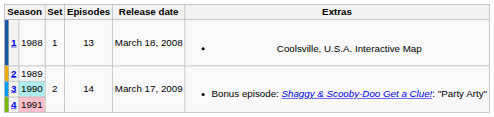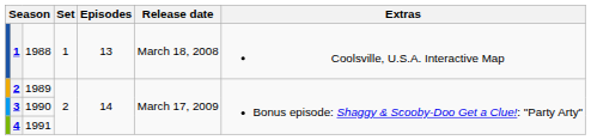 <table class="wikitable" style="text-align: center">
 <tr>
 <th colspan=3>Season</th>
 <th>Set</th>
 <th>Episodes</th>
 <th>Release date</th>
 <th>Extras</th>
 </tr>
 <tr>
 <th style="background:#1B54A5"></th>
 <th><a href='#'>1</a></th>
 <td>1988</td>
 <td>1</td>
 <td>13</td>
 <td>March 18, 2008</td>
 <td><br><ul><li>Coolsville, U.S.A. Interactive Map</li></ul></td>
 </tr>
 <tr>
 <th style="background:#f0ab00"></th>
 <th><a href='#'>2</a></th>
 <td>1989</td>
 <td rowspan=3>2</td>
 <td rowspan=3>14</td>
 <td rowspan=3>March 17, 2009</td>
 <td rowspan=3><br><ul><li>Bonus episode: <em><a href='#'>Shaggy & Scooby-Doo Get a Clue!</a></em>: "Party Arty"</li></ul></td>
 </tr>
 <tr>
 <th style="background:#009CF1"></th>
 <th><a href='#'>3</a></th>
-<td style="background: paleturquoise;">1990</td>
+<td>1990</td>
 </tr>
 <tr>
 <th style="background:#7ab800"></th>
 <th><a href='#'>4</a></th>
-<td style="background: pink;">1991</td>
+<td>1991</td>
 </tr>
 </table>
